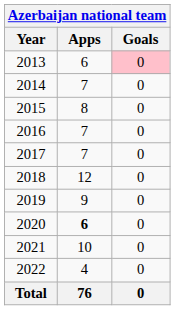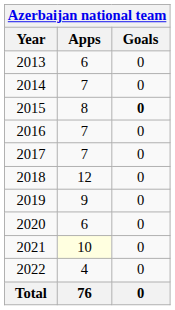 <table class="wikitable" style="text-align:center">
 <tr>
 <th colspan=3><a href='#'>Azerbaijan national team</a></th>
 </tr>
 <tr>
 <th>Year</th>
 <th>Apps</th>
 <th>Goals</th>
 </tr>
 <tr>
 <td>2013</td>
 <td>6</td>
-<td style="background: pink;">0</td>
+<td>0</td>
 </tr>
 <tr>
 <td>2014</td>
 <td>7</td>
 <td>0</td>
 </tr>
 <tr>
 <td>2015</td>
 <td>8</td>
-<td>0</td>
+<td><strong>0</strong></td>
 </tr>
 <tr>
 <td>2016</td>
 <td>7</td>
 <td>0</td>
 </tr>
 <tr>
 <td>2017</td>
 <td>7</td>
 <td>0</td>
 </tr>
 <tr>
 <td>2018</td>
 <td>12</td>
 <td>0</td>
 </tr>
 <tr>
 <td>2019</td>
 <td>9</td>
 <td>0</td>
 </tr>
 <tr>
 <td>2020</td>
-<td><strong>6</strong></td>
+<td>6</td>
 <td>0</td>
 </tr>
 <tr>
 <td>2021</td>
-<td>10</td>
+<td style="background: lightyellow;">10</td>
 <td>0</td>
 </tr>
 <tr>
 <td>2022</td>
 <td>4</td>
 <td>0</td>
 </tr>
 <tr>
 <th>Total</th>
 <th>76</th>
 <th>0</th>
 </tr>
 </table>
